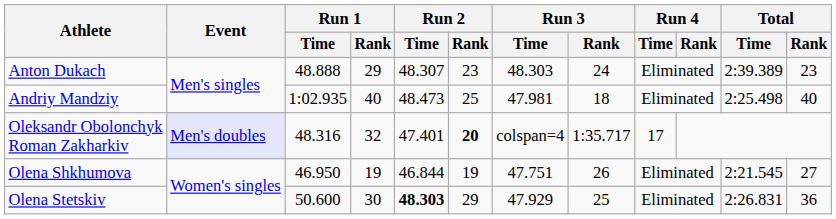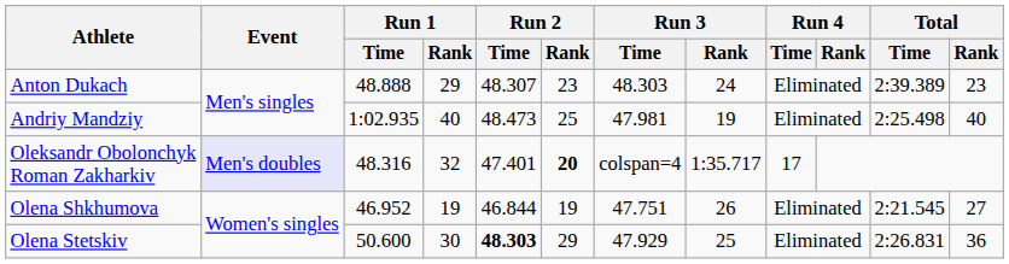 <table class="wikitable" style="font-size:90%">
 <tr>
 <th rowspan="2">Athlete</th>
 <th rowspan="2">Event</th>
 <th colspan=2>Run 1</th>
 <th colspan=2>Run 2</th>
 <th colspan=2>Run 3</th>
 <th colspan=2>Run 4</th>
 <th colspan=2>Total</th>
 </tr>
 <tr style="font-size:95%">
 <th>Time</th>
 <th>Rank</th>
 <th>Time</th>
 <th>Rank</th>
 <th>Time</th>
 <th>Rank</th>
 <th>Time</th>
 <th>Rank</th>
 <th>Time</th>
 <th>Rank</th>
 </tr>
 <tr align=center>
 <td align=left><a href='#'>Anton Dukach</a></td>
 <td align=left rowspan=2><a href='#'>Men's singles</a></td>
 <td>48.888</td>
 <td>29</td>
 <td>48.307</td>
 <td>23</td>
 <td>48.303</td>
 <td>24</td>
 <td colspan=2>Eliminated</td>
 <td>2:39.389</td>
 <td>23</td>
 </tr>
 <tr align=center>
 <td align=left><a href='#'>Andriy Mandziy</a></td>
 <td>1:02.935</td>
 <td>40</td>
 <td>48.473</td>
 <td>25</td>
 <td>47.981</td>
-<td>18</td>
+<td>19</td>
 <td colspan=2>Eliminated</td>
 <td>2:25.498</td>
 <td>40</td>
 </tr>
 <tr align=center>
 <td align=left><a href='#'>Oleksandr Obolonchyk</a><br><a href='#'>Roman Zakharkiv</a></td>
 <td align=left style="background: lavender;"><a href='#'>Men's doubles</a></td>
 <td>48.316</td>
 <td>32</td>
 <td>47.401</td>
 <td><strong>20</strong></td>
 <td>colspan=4 </td>
 <td>1:35.717</td>
 <td>17</td>
 </tr>
 <tr align=center>
 <td align=left><a href='#'>Olena Shkhumova</a></td>
 <td align=left rowspan=2><a href='#'>Women's singles</a></td>
-<td>46.950</td>
+<td>46.952</td>
 <td>19</td>
 <td>46.844</td>
 <td>19</td>
 <td>47.751</td>
 <td>26</td>
 <td colspan=2>Eliminated</td>
 <td>2:21.545</td>
 <td>27</td>
 </tr>
 <tr align=center>
 <td align=left><a href='#'>Olena Stetskiv</a></td>
 <td>50.600</td>
 <td>30</td>
 <td><strong>48.303</strong></td>
 <td>29</td>
 <td>47.929</td>
 <td>25</td>
 <td colspan=2>Eliminated</td>
 <td>2:26.831</td>
 <td>36</td>
 </tr>
 </table>
